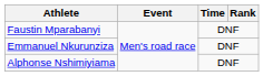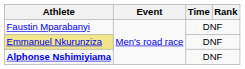 <table class=wikitable style="font-size:90%">
 <tr>
 <th>Athlete</th>
 <th>Event</th>
 <th>Time</th>
 <th>Rank</th>
 </tr>
 <tr align=center>
 <td align=left><a href='#'>Faustin Mparabanyi</a></td>
 <td align=left rowspan=3><a href='#'>Men's road race</a></td>
 <td colspan=2>DNF</td>
 </tr>
 <tr align=center>
-<td align=left><a href='#'>Emmanuel Nkurunziza</a></td>
+<td align=left style="background: khaki;"><a href='#'>Emmanuel Nkurunziza</a></td>
 <td colspan=2>DNF</td>
 </tr>
 <tr align=center>
-<td align=left><a href='#'>Alphonse Nshimiyiama</a></td>
+<td align=left><strong><a href='#'>Alphonse Nshimiyiama</a></strong></td>
 <td colspan=2>DNF</td>
 </tr>
 </table>
